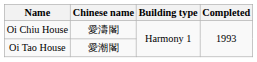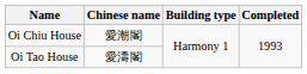 <table class="wikitable" style="text-align: center">
 <tr>
 <th>Name</th>
 <th>Chinese name</th>
 <th>Building type</th>
 <th>Completed</th>
 </tr>
 <tr>
 <td>Oi Chiu House</td>
-<td>愛濤閣</td>
+<td>愛潮閣</td>
 <td rowspan="2">Harmony 1</td>
 <td rowspan="2">1993</td>
 </tr>
 <tr>
 <td>Oi Tao House</td>
-<td>愛潮閣</td>
+<td>愛濤閣</td>
 </tr>
 </table>
